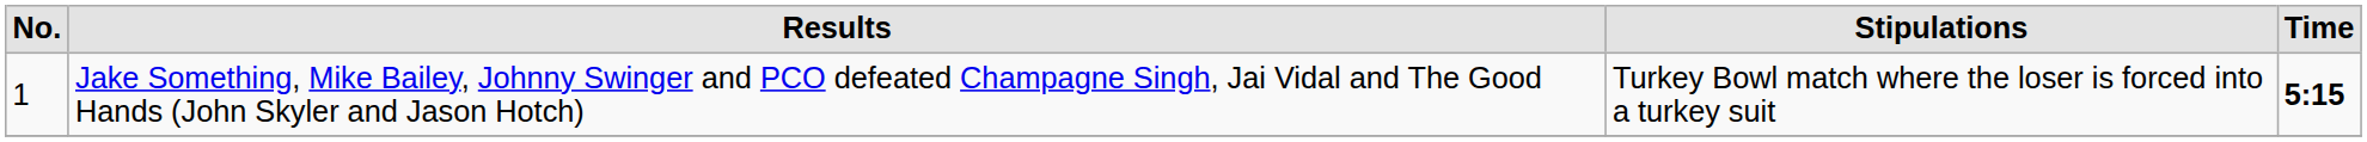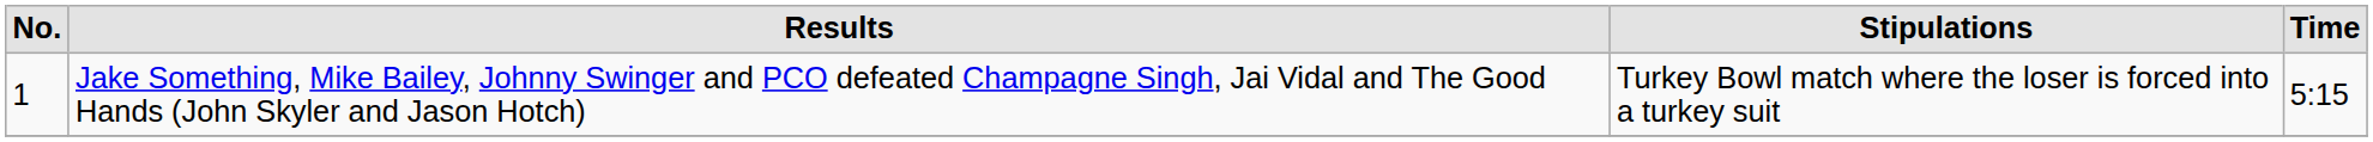 <table style="font-size: 100%; text-align: left;" class="wikitable">
 <tr>
 <th style="border-style: none none solid solid; background: #e3e3e3;"><strong>No.</strong></th>
 <th style="border-style: none none solid solid; background: #e3e3e3;"><strong>Results</strong></th>
 <th style="border-style: none none solid solid; background: #e3e3e3;"><strong>Stipulations</strong></th>
 <th style="border-style: none none solid solid; background: #e3e3e3;"><strong>Time</strong></th>
 </tr>
 <tr>
 <td>1</td>
 <td><a href='#'>Jake Something</a>, <a href='#'>Mike Bailey</a>, <a href='#'>Johnny Swinger</a> and <a href='#'>PCO</a> defeated <a href='#'>Champagne Singh</a>, Jai Vidal and The Good Hands (John Skyler and Jason Hotch)</td>
 <td>Turkey Bowl match where the loser is forced into a turkey suit</td>
-<td><strong>5:15</strong></td>
+<td>5:15</td>
 </tr>
 <tr>
 </tr>
 </table>
